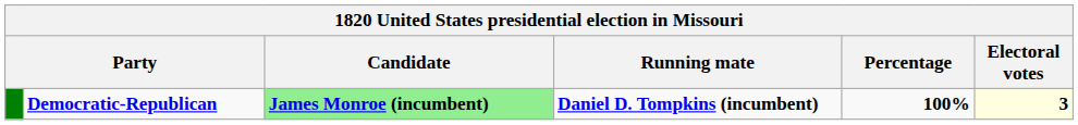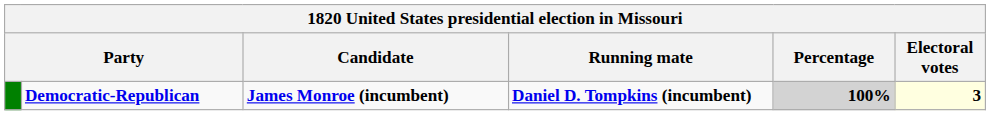 <table class="wikitable" style="font-size: 95%;">
 <tr>
 <th colspan="6">1820 United States presidential election in Missouri</th>
 </tr>
 <tr>
 <th colspan="2" style="width: 15em">Party</th>
 <th style="width: 17em">Candidate</th>
 <th style="width: 17em">Running mate</th>
 <th style="width: 7em">Percentage</th>
 <th style="width: 5em">Electoral votes</th>
 </tr>
 <tr>
 <th style="background-color:#008000; width: 3px"></th>
 <td style="width: 130px"><strong><a href='#'>Democratic-Republican</a></strong></td>
-<td style="background: lightgreen;"><strong><a href='#'>James Monroe</a> (incumbent)</strong></td>
+<td><strong><a href='#'>James Monroe</a> (incumbent)</strong></td>
 <td><strong><a href='#'>Daniel D. Tompkins</a> (incumbent)</strong></td>
-<td align="right"><strong>100%</strong></td>
+<td align="right" style="background: lightgrey;"><strong>100%</strong></td>
 <td align="right" style="background: lightyellow;"><strong>3</strong></td>
 </tr>
 </table>
